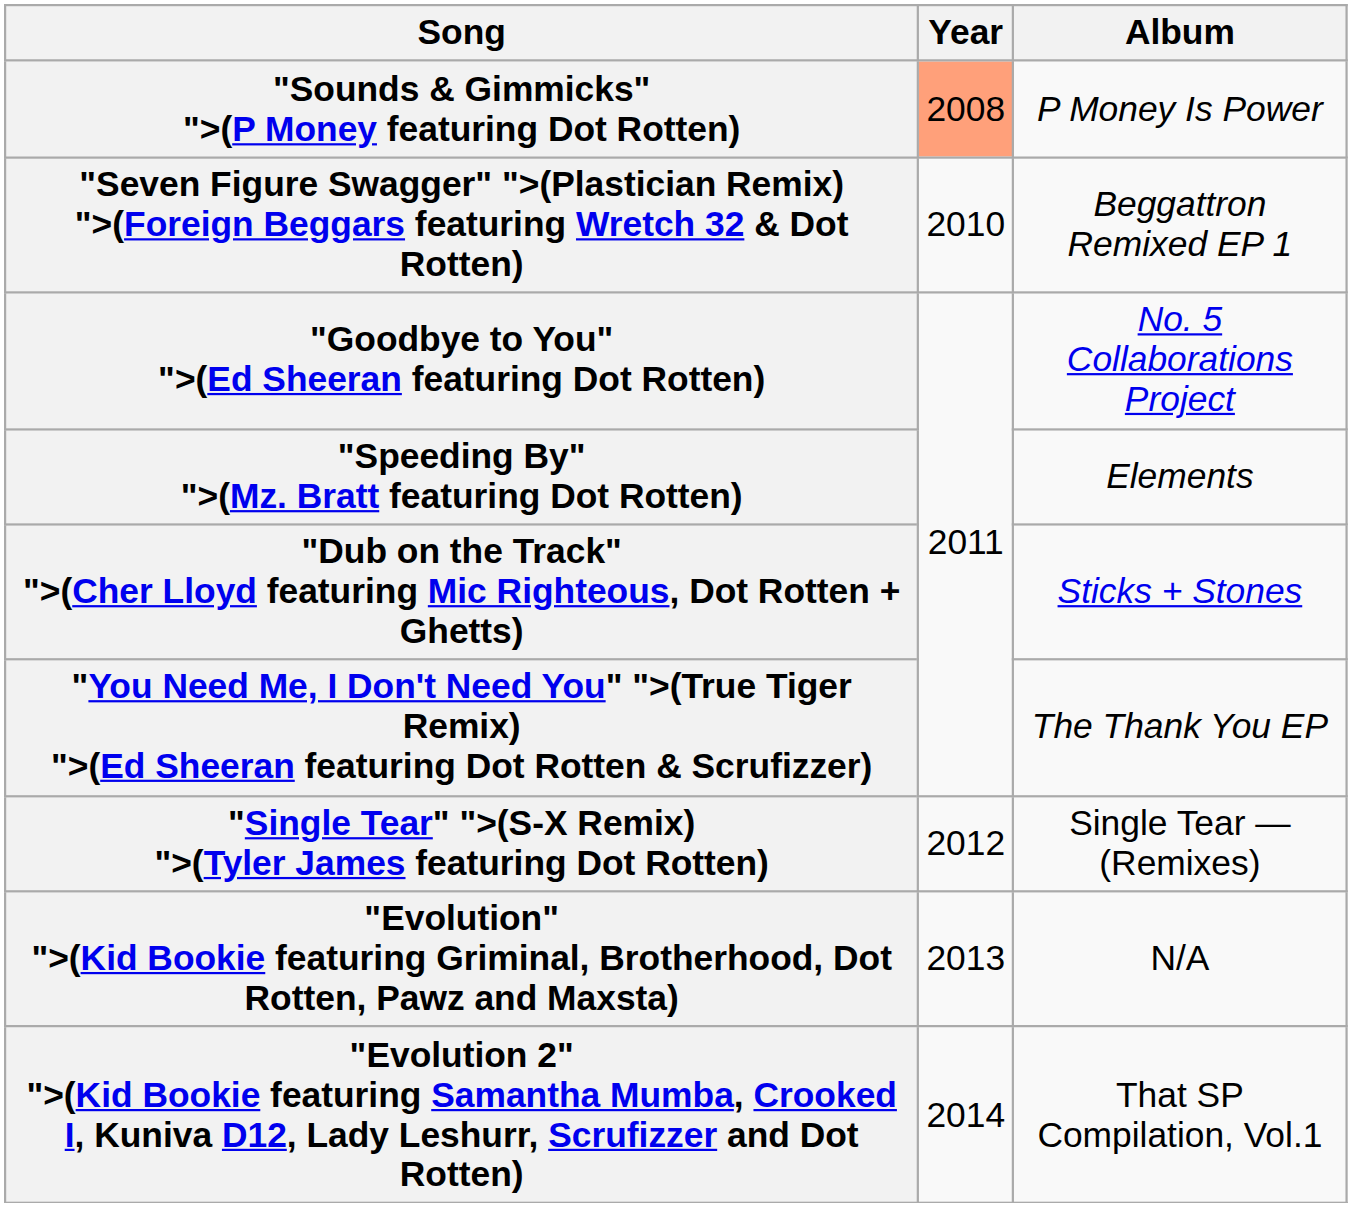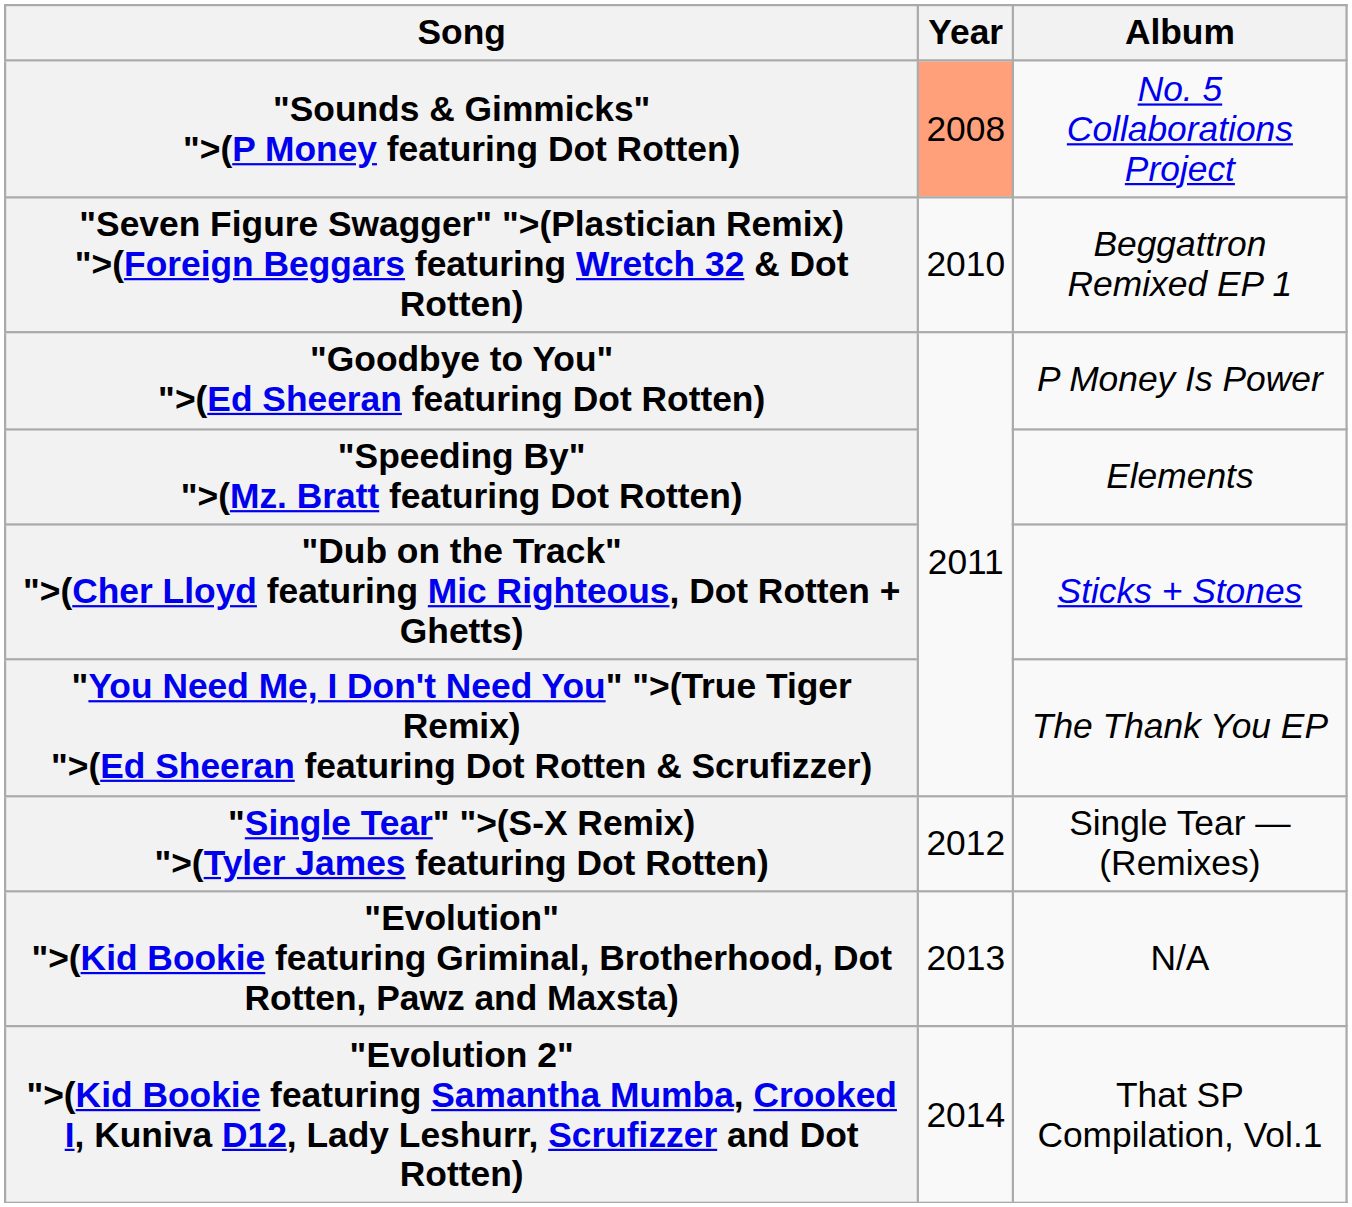 <table class="wikitable plainrowheaders" style="text-align:center;">
 <tr>
 <th scope="col">Song</th>
 <th scope="col">Year</th>
 <th scope="col">Album</th>
 </tr>
 <tr>
 <th scope="row">"Sounds & Gimmicks"<br><span>">(<a href='#'>P Money</a> featuring Dot Rotten)</span></th>
 <td style="background: lightsalmon;">2008</td>
-<td><em>P Money Is Power</em></td>
+<td><em><a href='#'>No. 5 Collaborations Project</a></em></td>
 </tr>
 <tr>
 <th scope="row">"Seven Figure Swagger" <span>">(Plastician Remix)</span><br><span>">(<a href='#'>Foreign Beggars</a> featuring <a href='#'>Wretch 32</a> & Dot Rotten)</span></th>
 <td>2010</td>
 <td><em>Beggattron Remixed EP 1</em></td>
 </tr>
 <tr>
 <th scope="row">"Goodbye to You"<br><span>">(<a href='#'>Ed Sheeran</a> featuring Dot Rotten)</span></th>
 <td rowspan="4">2011</td>
-<td><em><a href='#'>No. 5 Collaborations Project</a></em></td>
+<td><em>P Money Is Power</em></td>
 </tr>
 <tr>
 <th scope="row">"Speeding By"<br><span>">(<a href='#'>Mz. Bratt</a> featuring Dot Rotten)</span></th>
 <td><em>Elements</em></td>
 </tr>
 <tr>
 <th scope="row">"Dub on the Track"<br><span>">(<a href='#'>Cher Lloyd</a> featuring <a href='#'>Mic Righteous</a>, Dot Rotten + Ghetts)</span></th>
 <td><em><a href='#'>Sticks + Stones</a></em></td>
 </tr>
 <tr>
 <th scope="row">"<a href='#'>You Need Me, I Don't Need You</a>" <span>">(True Tiger Remix)</span><br><span>">(<a href='#'>Ed Sheeran</a> featuring Dot Rotten & Scrufizzer)</span></th>
 <td><em>The Thank You EP</em></td>
 </tr>
 <tr>
 <th scope="row">"<a href='#'>Single Tear</a>" <span>">(S-X Remix)</span><br><span>">(<a href='#'>Tyler James</a> featuring Dot Rotten)</span></th>
 <td>2012</td>
 <td>Single Tear — (Remixes)</td>
 </tr>
 <tr>
 <th scope="row">"Evolution"<br><span>">(<a href='#'>Kid Bookie</a> featuring Griminal, Brotherhood, Dot Rotten, Pawz and Maxsta)</span></th>
 <td>2013</td>
 <td>N/A</td>
 </tr>
 <tr>
 <th scope="row">"Evolution 2"<br><span>">(<a href='#'>Kid Bookie</a> featuring <a href='#'>Samantha Mumba</a>, <a href='#'>Crooked I</a>, Kuniva <a href='#'>D12</a>, Lady Leshurr, <a href='#'>Scrufizzer</a> and Dot Rotten)</span></th>
 <td>2014</td>
 <td>That SP Compilation, Vol.1</td>
 </tr>
 <tr>
 </tr>
 </table>
